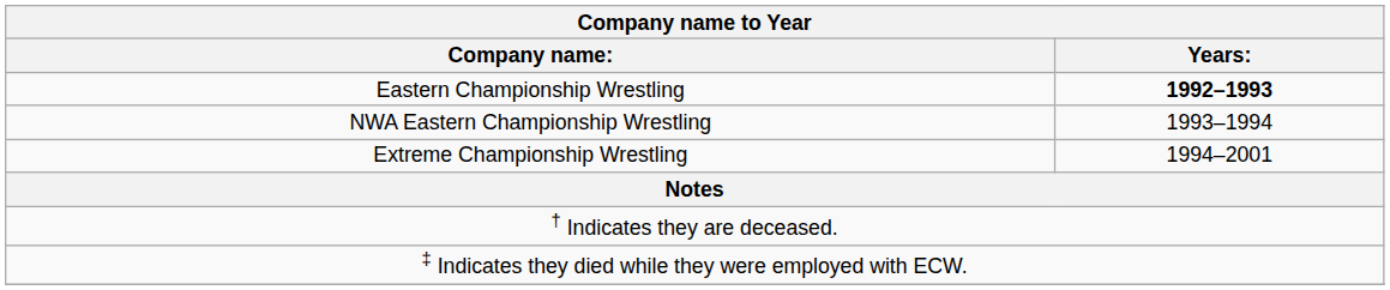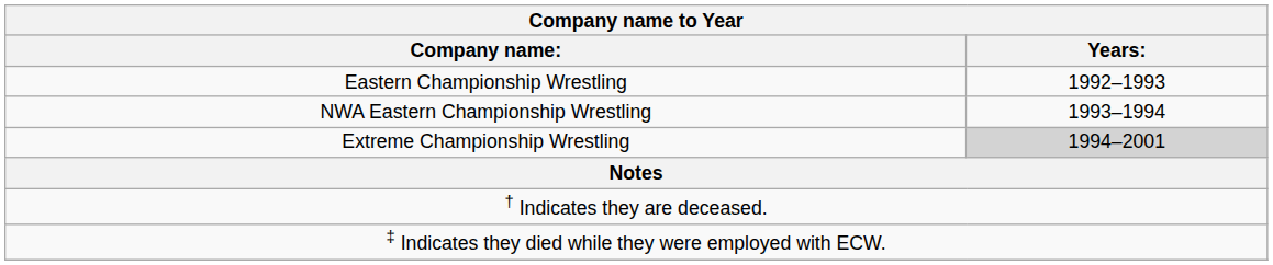 <table class="wikitable" width="70%" style="font-size:85%; text-align:center;">
 <tr>
 <th colspan="2">Company name to Year</th>
 </tr>
 <tr>
 <th>Company name:</th>
 <th>Years:</th>
 </tr>
 <tr>
 <td>Eastern Championship Wrestling</td>
-<td><strong>1992–1993</strong></td>
+<td>1992–1993</td>
 </tr>
 <tr>
 <td>NWA Eastern Championship Wrestling</td>
 <td>1993–1994</td>
 </tr>
 <tr>
 <td>Extreme Championship Wrestling</td>
-<td>1994–2001</td>
+<td style="background: lightgrey;">1994–2001</td>
 </tr>
 <tr>
 <th colspan="2">Notes</th>
 </tr>
 <tr>
 <td colspan="2"><sup>†</sup> Indicates they are deceased.</td>
 </tr>
 <tr>
 <td colspan="2"><sup>‡</sup> Indicates they died while they were employed with ECW.</td>
 </tr>
 <tr>
 </tr>
 </table>
